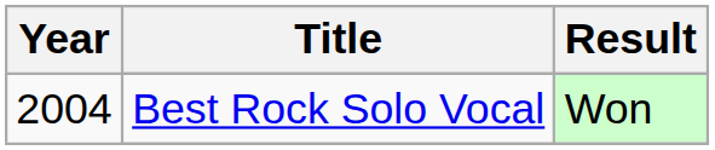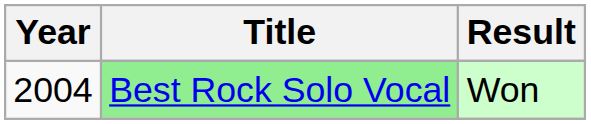 <table class="wikitable">
 <tr>
 <th>Year</th>
 <th>Title</th>
 <th>Result</th>
 </tr>
 <tr>
 <td rowspan="4">2004</td>
 </tr>
 <tr>
-<td><a href='#'>Best Rock Solo Vocal</a></td>
+<td style="background: lightgreen;"><a href='#'>Best Rock Solo Vocal</a></td>
 <td style="background:#cfc;">Won</td>
 </tr>
 <tr>
 </tr>
 </table>
